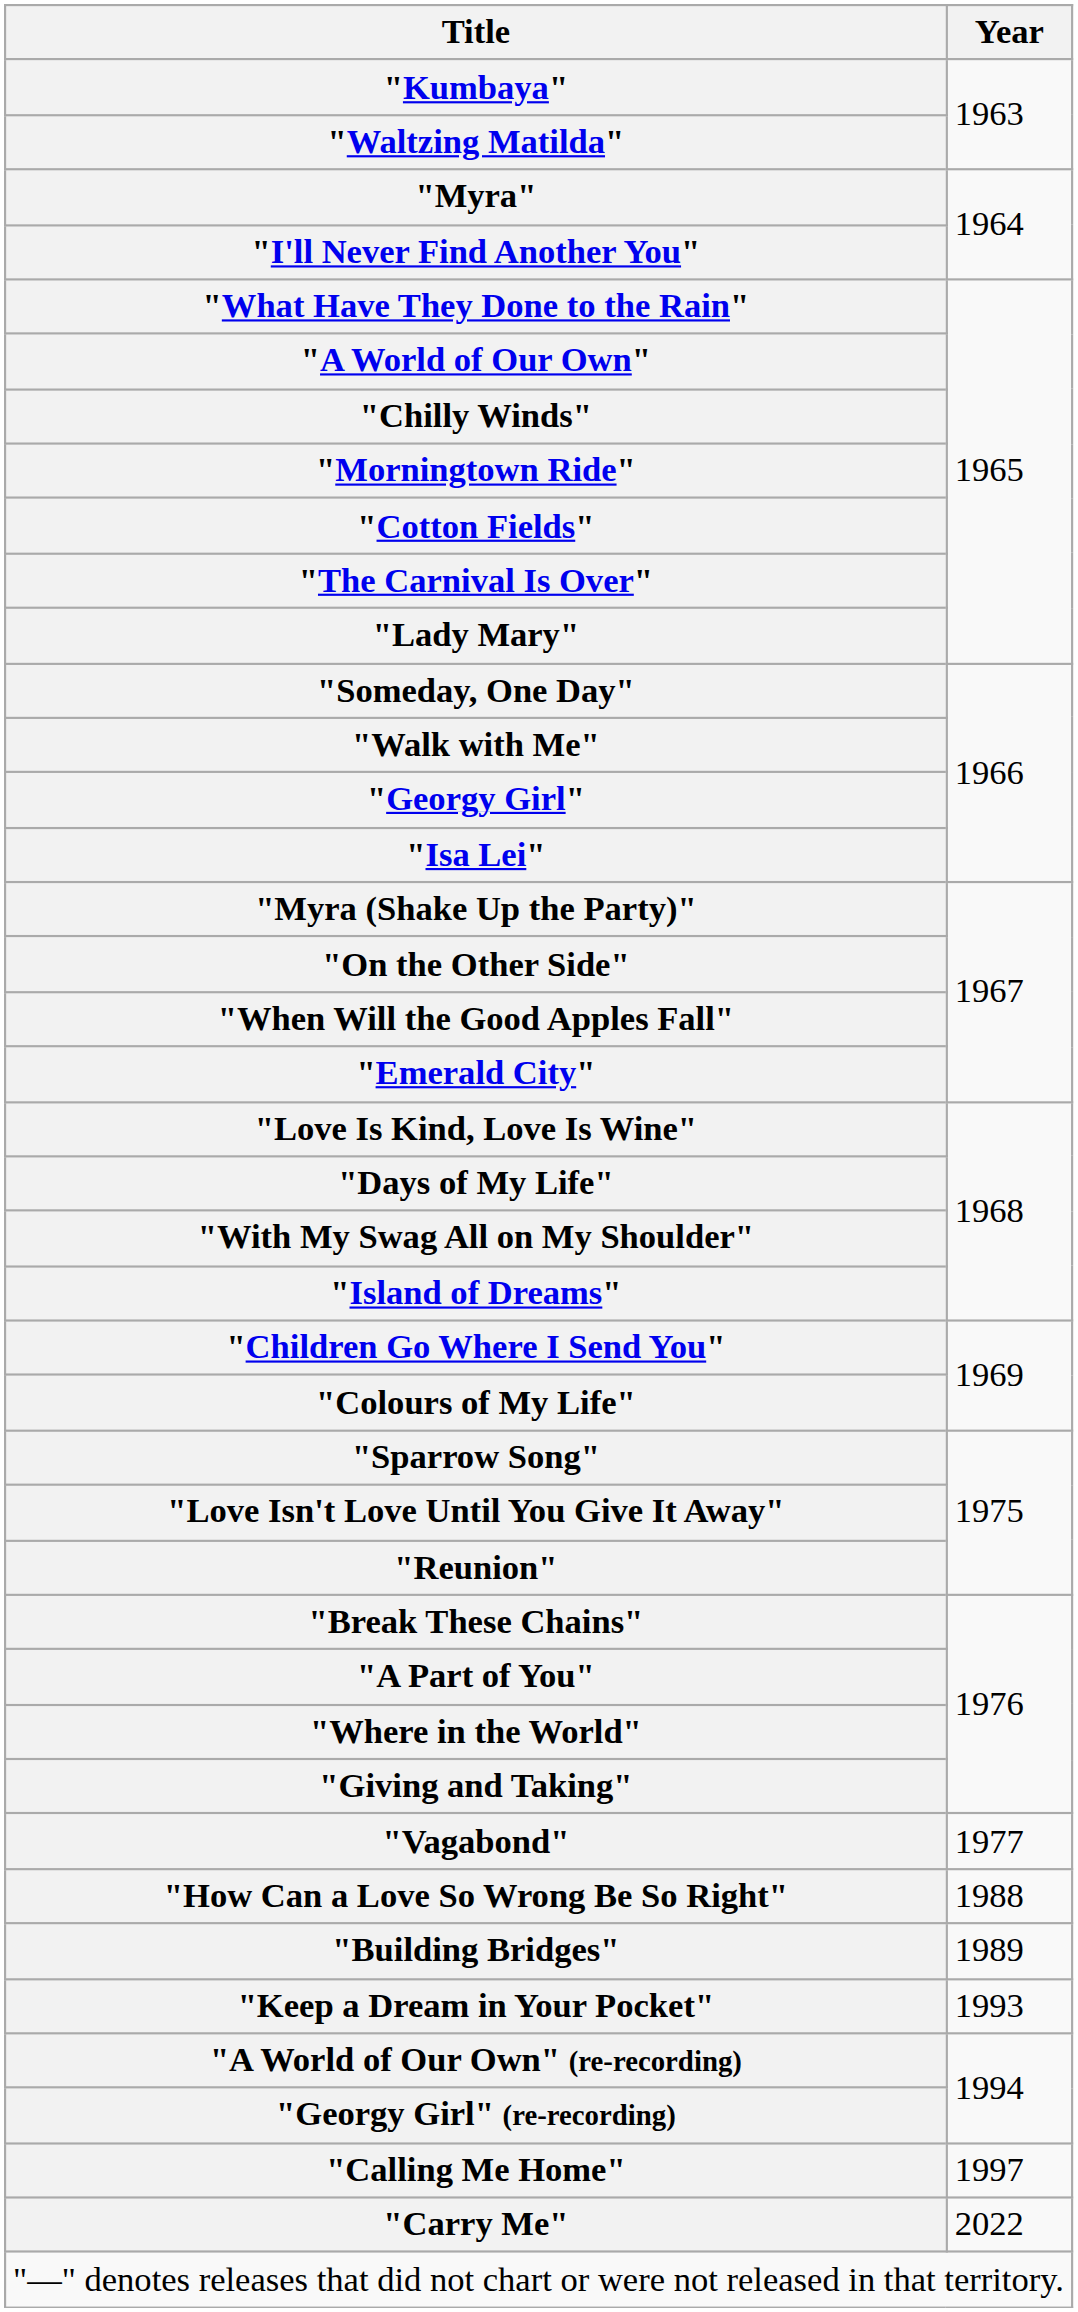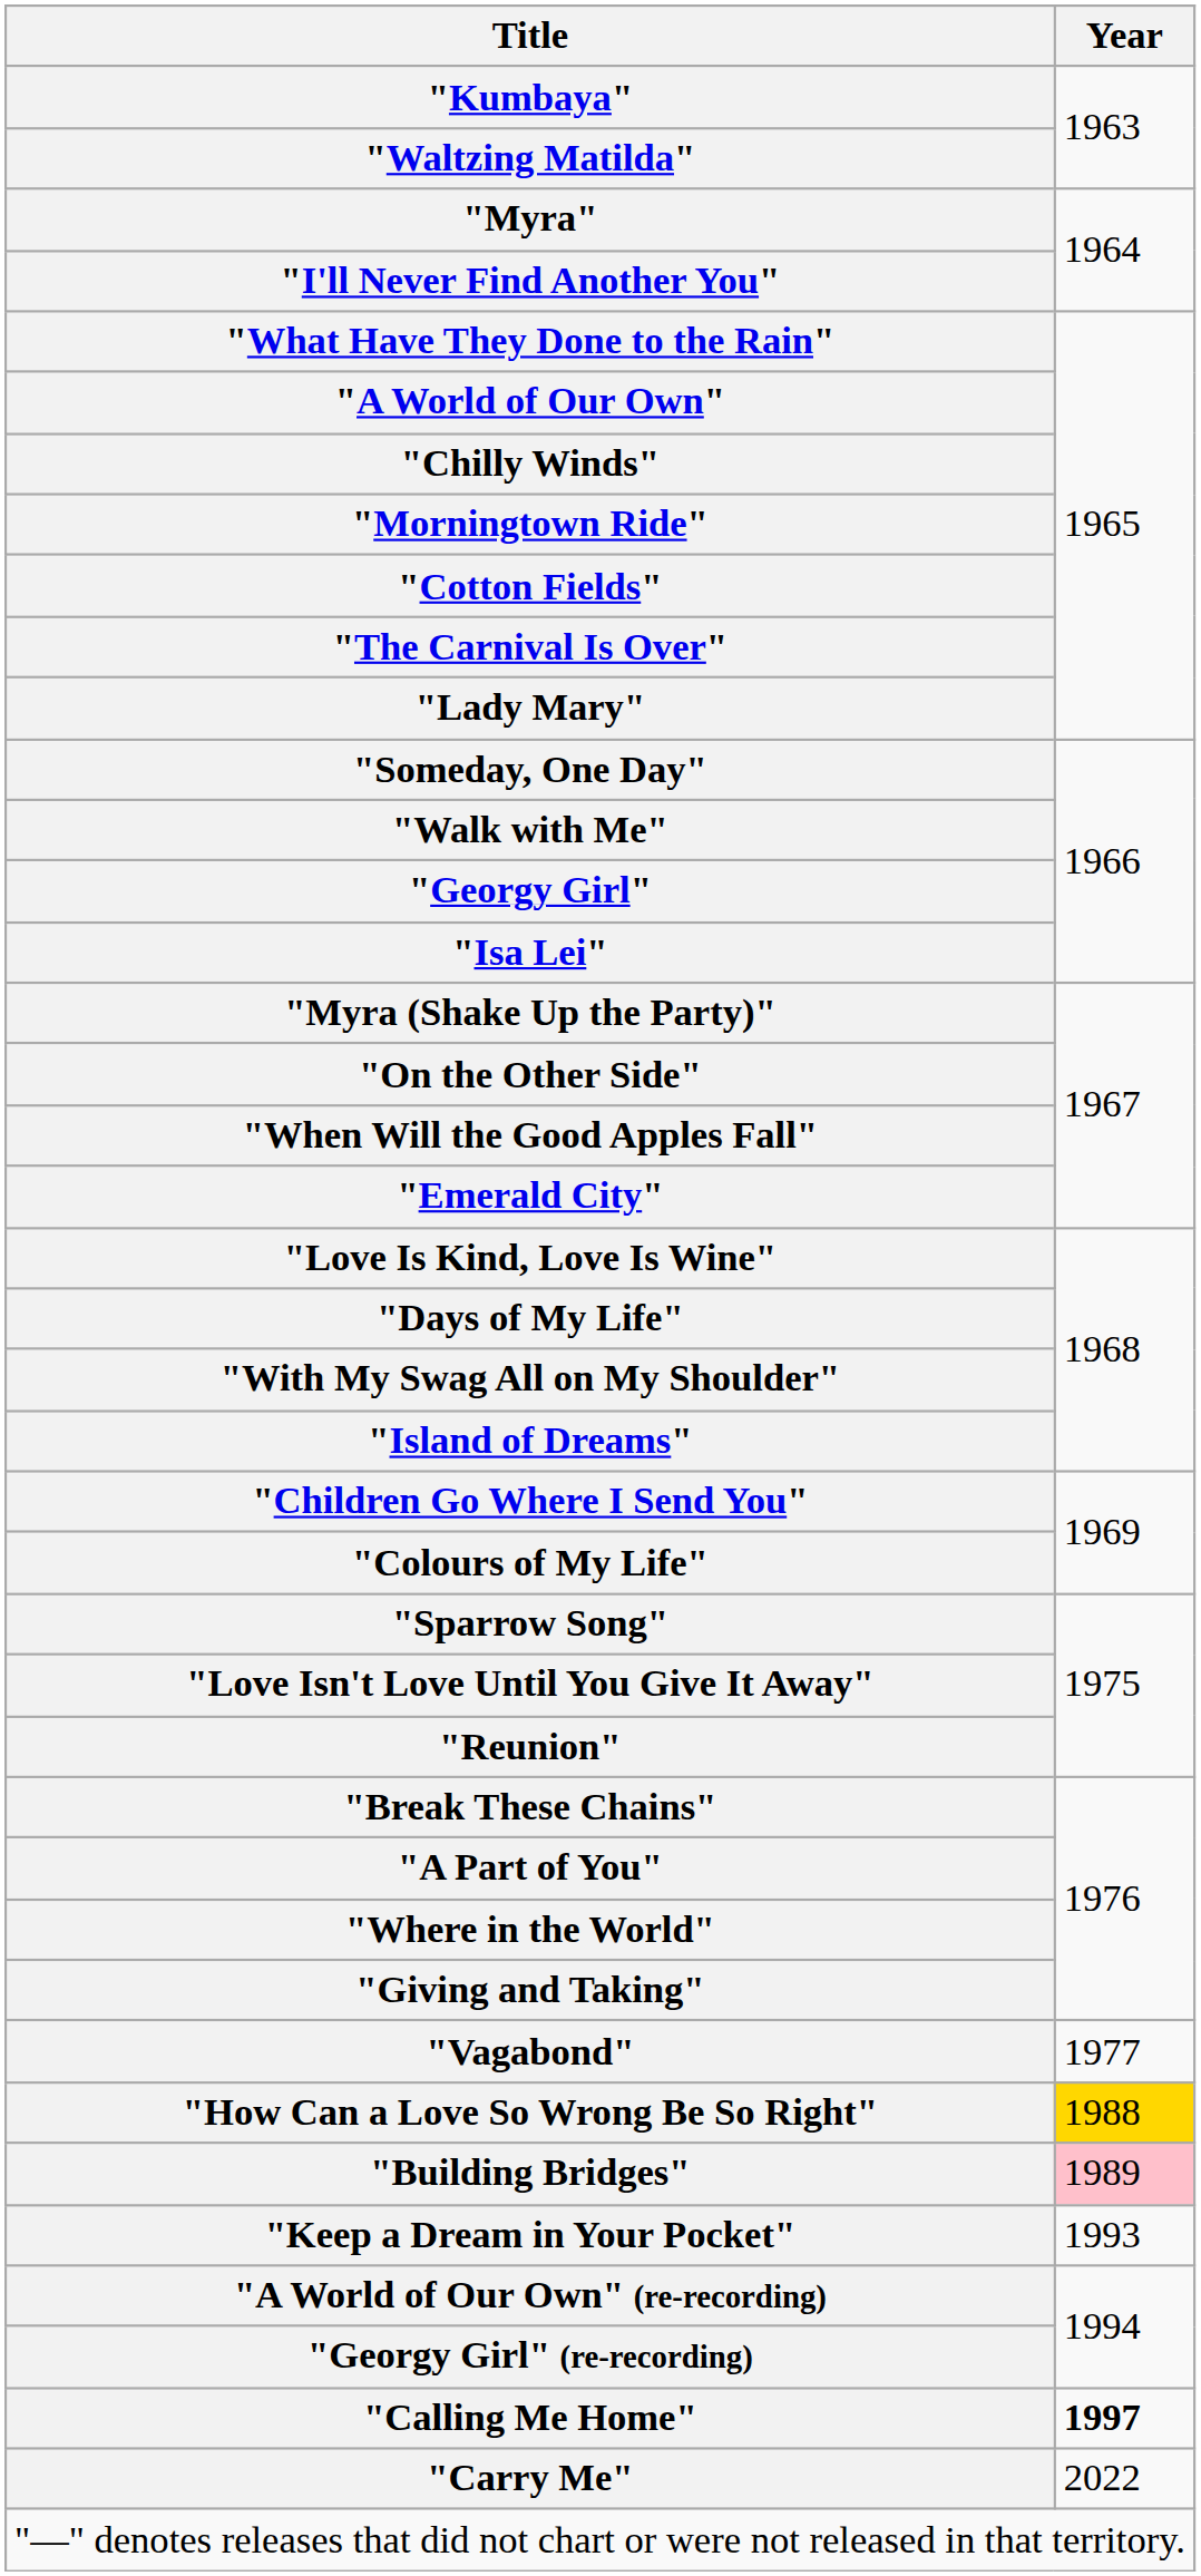 <table class="wikitable">
 <tr>
 <th>Title</th>
 <th>Year</th>
 </tr>
 <tr>
 <th>"<a href='#'>Kumbaya</a>"</th>
 <td rowspan="2">1963</td>
 </tr>
 <tr>
 <th>"<a href='#'>Waltzing Matilda</a>"</th>
 </tr>
 <tr>
 <th>"Myra"</th>
 <td rowspan="2">1964</td>
 </tr>
 <tr>
 <th>"<a href='#'>I'll Never Find Another You</a>"</th>
 </tr>
 <tr>
 <th>"<a href='#'>What Have They Done to the Rain</a>"</th>
 <td rowspan="7">1965</td>
 </tr>
 <tr>
 <th>"<a href='#'>A World of Our Own</a>"</th>
 </tr>
 <tr>
 <th>"Chilly Winds"</th>
 </tr>
 <tr>
 <th>"<a href='#'>Morningtown Ride</a>"</th>
 </tr>
 <tr>
 <th>"<a href='#'>Cotton Fields</a>"</th>
 </tr>
 <tr>
 <th>"<a href='#'>The Carnival Is Over</a>"</th>
 </tr>
 <tr>
 <th>"Lady Mary"</th>
 </tr>
 <tr>
 <th>"Someday, One Day"</th>
 <td rowspan="4">1966</td>
 </tr>
 <tr>
 <th>"Walk with Me"</th>
 </tr>
 <tr>
 <th>"<a href='#'>Georgy Girl</a>"</th>
 </tr>
 <tr>
 <th>"<a href='#'>Isa Lei</a>"</th>
 </tr>
 <tr>
 <th>"Myra (Shake Up the Party)"</th>
 <td rowspan="4">1967</td>
 </tr>
 <tr>
 <th>"On the Other Side"</th>
 </tr>
 <tr>
 <th>"When Will the Good Apples Fall"</th>
 </tr>
 <tr>
 <th>"<a href='#'>Emerald City</a>"</th>
 </tr>
 <tr>
 <th>"Love Is Kind, Love Is Wine"</th>
 <td rowspan="4">1968</td>
 </tr>
 <tr>
 <th>"Days of My Life"</th>
 </tr>
 <tr>
 <th>"With My Swag All on My Shoulder"</th>
 </tr>
 <tr>
 <th>"<a href='#'>Island of Dreams</a>"</th>
 </tr>
 <tr>
 <th>"<a href='#'>Children Go Where I Send You</a>"</th>
 <td rowspan="2">1969</td>
 </tr>
 <tr>
 <th>"Colours of My Life"</th>
 </tr>
 <tr>
 <th>"Sparrow Song"</th>
 <td rowspan="3">1975</td>
 </tr>
 <tr>
 <th>"Love Isn't Love Until You Give It Away"</th>
 </tr>
 <tr>
 <th>"Reunion"</th>
 </tr>
 <tr>
 <th>"Break These Chains"</th>
 <td rowspan="4">1976</td>
 </tr>
 <tr>
 <th>"A Part of You"</th>
 </tr>
 <tr>
 <th>"Where in the World"</th>
 </tr>
 <tr>
 <th>"Giving and Taking"</th>
 </tr>
 <tr>
 <th>"Vagabond"</th>
 <td>1977</td>
 </tr>
 <tr>
 <th>"How Can a Love So Wrong Be So Right"</th>
-<td>1988</td>
+<td style="background: gold;">1988</td>
 </tr>
 <tr>
 <th>"Building Bridges"</th>
-<td>1989</td>
+<td style="background: pink;">1989</td>
 </tr>
 <tr>
 <th>"Keep a Dream in Your Pocket"</th>
 <td>1993</td>
 </tr>
 <tr>
 <th>"A World of Our Own" <small>(re-recording)</small></th>
 <td rowspan="2">1994</td>
 </tr>
 <tr>
 <th>"Georgy Girl" <small>(re-recording)</small></th>
 </tr>
 <tr>
 <th>"Calling Me Home"</th>
-<td>1997</td>
+<td><strong>1997</strong></td>
 </tr>
 <tr>
 <th>"Carry Me"</th>
 <td>2022</td>
 </tr>
 <tr>
 <td colspan="2">"—" denotes releases that did not chart or were not released in that territory.</td>
 </tr>
 </table>
